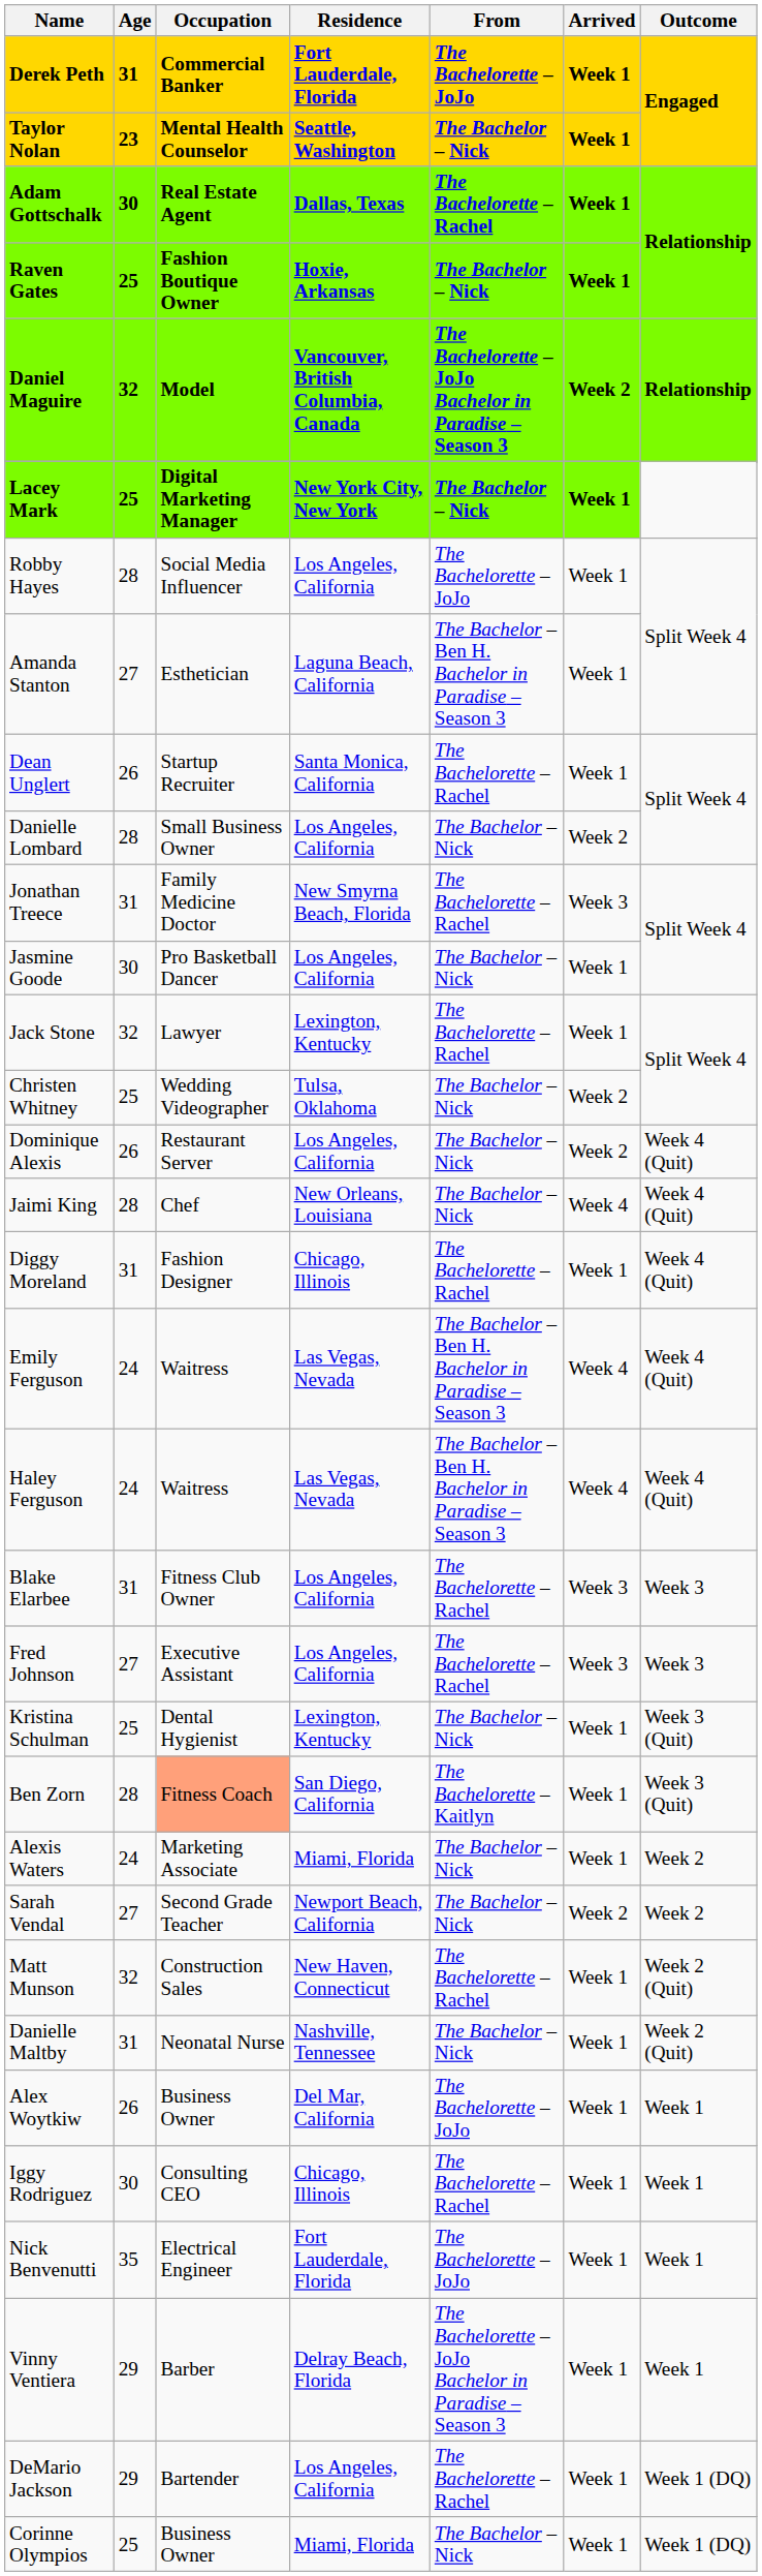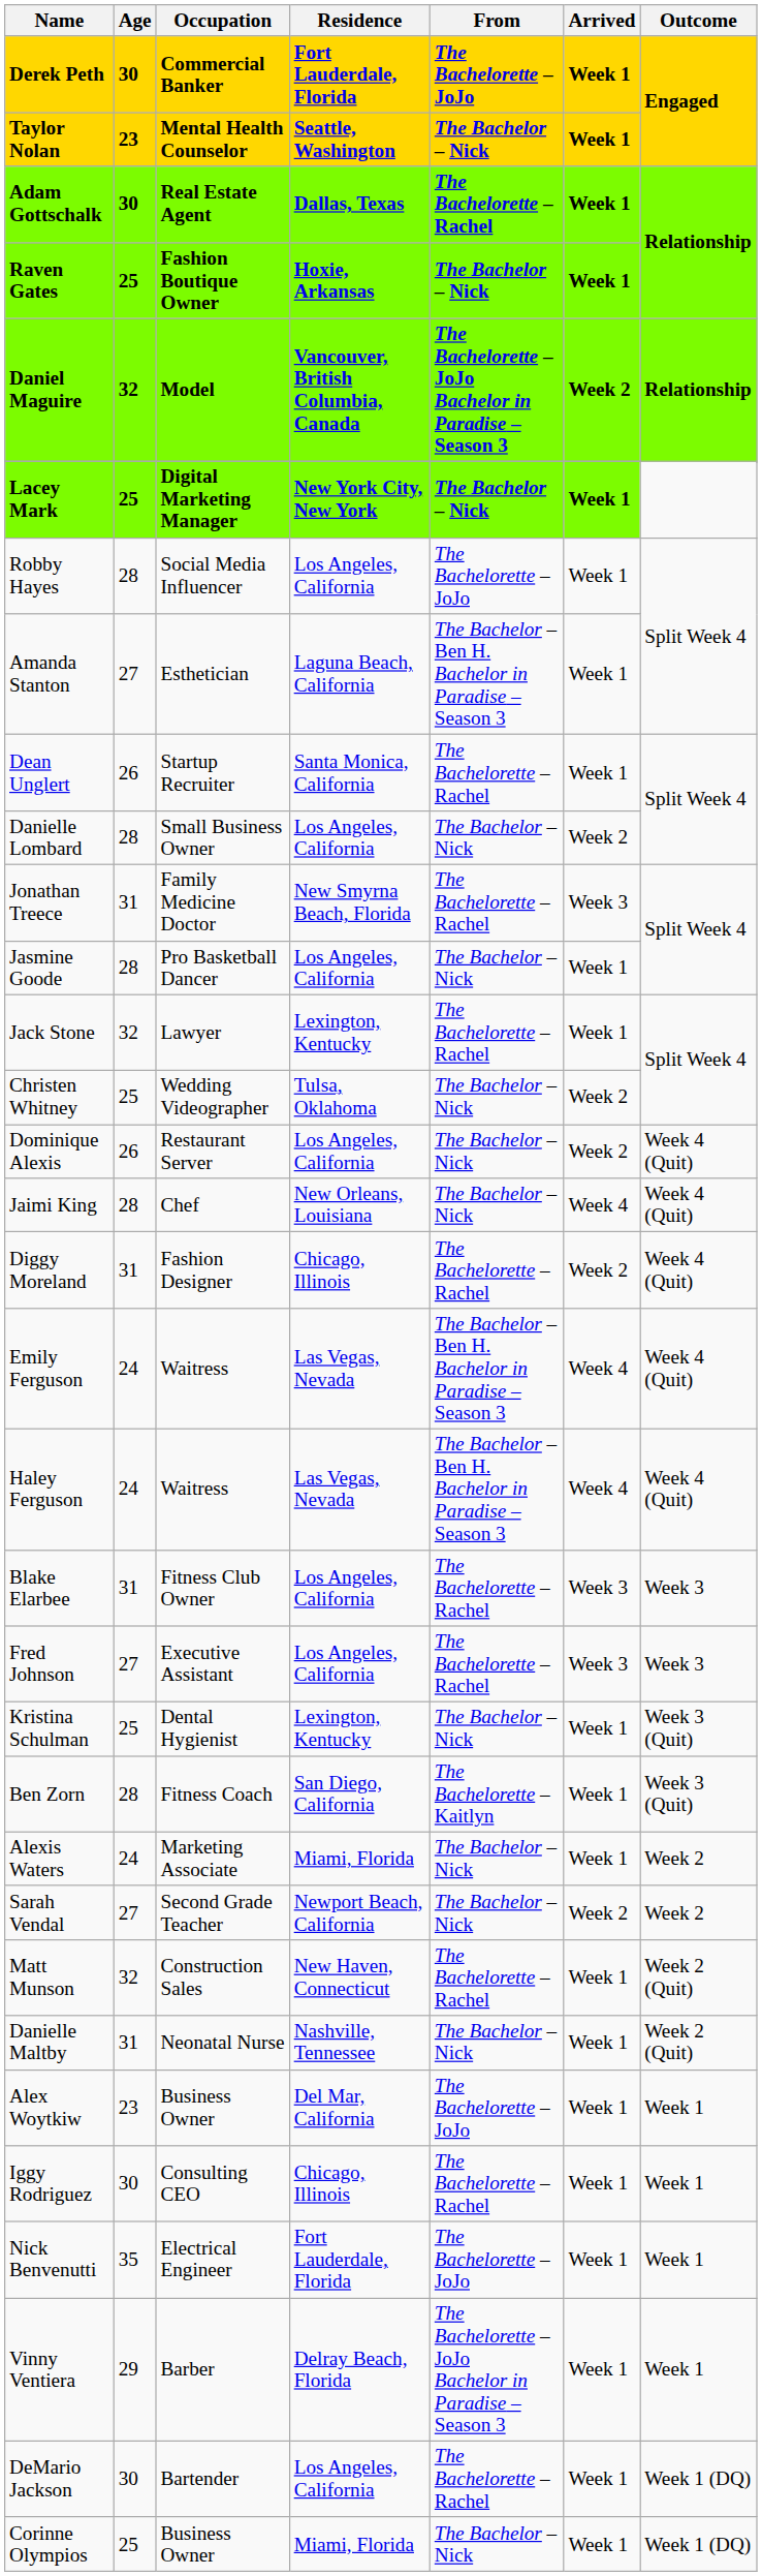 <table class="wikitable sortable" style="text-align:left;">
 <tr>
 <th>Name</th>
 <th>Age</th>
 <th>Occupation</th>
 <th>Residence</th>
 <th>From</th>
 <th>Arrived</th>
 <th>Outcome</th>
 </tr>
 <tr bgcolor ="gold">
 <td><strong>Derek Peth</strong></td>
-<td><strong>31</strong></td>
+<td><strong>30</strong></td>
 <td><strong>Commercial Banker</strong></td>
 <td><strong><a href='#'>Fort Lauderdale, Florida</a></strong></td>
 <td><strong><a href='#'><em>The Bachelorette</em></a> – <a href='#'>JoJo</a></strong></td>
 <td><strong>Week 1</strong></td>
 <td rowspan="2"><strong>Engaged</strong></td>
 </tr>
 <tr bgcolor ="gold">
 <td><strong>Taylor Nolan</strong></td>
 <td><strong>23</strong></td>
 <td><strong>Mental Health Counselor</strong></td>
 <td><strong><a href='#'>Seattle, Washington</a></strong></td>
 <td><strong><a href='#'><em>The Bachelor</em></a> – <a href='#'>Nick</a></strong></td>
 <td><strong>Week 1</strong></td>
 </tr>
 <tr bgcolor="#7CFC00">
 <td><strong>Adam Gottschalk</strong></td>
 <td><strong>30</strong></td>
 <td><strong>Real Estate Agent</strong></td>
 <td><strong><a href='#'>Dallas, Texas</a></strong></td>
 <td><strong><a href='#'><em>The Bachelorette</em></a> – <a href='#'>Rachel</a></strong></td>
 <td><strong>Week 1</strong></td>
 <td rowspan="2"><strong>Relationship</strong></td>
 </tr>
 <tr bgcolor="#7CFC00">
 <td><strong>Raven Gates</strong></td>
 <td><strong>25</strong></td>
 <td><strong>Fashion Boutique Owner</strong></td>
 <td><strong><a href='#'>Hoxie, Arkansas</a></strong></td>
 <td><strong><a href='#'><em>The Bachelor</em></a> – <a href='#'>Nick</a></strong></td>
 <td><strong>Week 1</strong></td>
 </tr>
 <tr bgcolor="#7CFC00">
 <td><strong>Daniel Maguire</strong></td>
 <td><strong>32</strong></td>
 <td><strong>Model </strong></td>
 <td><strong><a href='#'>Vancouver, British Columbia, Canada</a></strong></td>
 <td><strong><a href='#'><em>The Bachelorette</em></a> – <a href='#'>JoJo</a><br><a href='#'><em>Bachelor in Paradise</em> – Season 3</a></strong></td>
 <td><strong>Week 2</strong></td>
 <td rowspan="2"><strong>Relationship</strong></td>
 </tr>
 <tr>
 </tr>
 <tr bgcolor="#7CFC00">
 <td><strong>Lacey Mark</strong></td>
 <td><strong>25</strong></td>
 <td><strong>Digital Marketing Manager</strong></td>
 <td><strong><a href='#'>New York City, New York</a></strong></td>
 <td><strong><a href='#'><em>The Bachelor</em></a> – <a href='#'>Nick</a></strong></td>
 <td><strong>Week 1</strong></td>
 </tr>
 <tr>
 <td>Robby Hayes</td>
 <td>28</td>
 <td>Social Media Influencer</td>
 <td><a href='#'>Los Angeles, California</a></td>
 <td><a href='#'><em>The Bachelorette</em></a> – <a href='#'>JoJo</a></td>
 <td>Week 1</td>
 <td rowspan="2">Split Week 4</td>
 </tr>
 <tr>
 <td>Amanda Stanton</td>
 <td>27</td>
 <td>Esthetician</td>
 <td><a href='#'>Laguna Beach, California</a></td>
 <td><a href='#'><em>The Bachelor</em></a> – <a href='#'>Ben H.</a><br><a href='#'><em>Bachelor in Paradise</em> – Season 3</a></td>
 <td>Week 1</td>
 </tr>
 <tr>
 <td><a href='#'>Dean Unglert</a></td>
 <td>26</td>
 <td>Startup Recruiter</td>
 <td><a href='#'>Santa Monica, California</a></td>
 <td><a href='#'><em>The Bachelorette</em></a> – <a href='#'>Rachel</a></td>
 <td>Week 1</td>
 <td rowspan="2">Split Week 4</td>
 </tr>
 <tr>
 <td>Danielle Lombard</td>
 <td>28</td>
 <td>Small Business Owner</td>
 <td><a href='#'>Los Angeles, California</a></td>
 <td><a href='#'><em>The Bachelor</em></a> – <a href='#'>Nick</a></td>
 <td>Week 2</td>
 </tr>
 <tr>
 <td>Jonathan Treece</td>
 <td>31</td>
 <td>Family Medicine Doctor</td>
 <td><a href='#'>New Smyrna Beach, Florida</a></td>
 <td><a href='#'><em>The Bachelorette</em></a> – <a href='#'>Rachel</a></td>
 <td>Week 3</td>
 <td rowspan="2">Split Week 4</td>
 </tr>
 <tr>
 <td>Jasmine Goode</td>
-<td>30</td>
+<td>28</td>
 <td>Pro Basketball Dancer</td>
 <td><a href='#'>Los Angeles, California</a></td>
 <td><a href='#'><em>The Bachelor</em></a> – <a href='#'>Nick</a></td>
 <td>Week 1</td>
 </tr>
 <tr>
 <td>Jack Stone</td>
 <td>32</td>
 <td>Lawyer</td>
 <td><a href='#'>Lexington, Kentucky</a></td>
 <td><a href='#'><em>The Bachelorette</em></a> – <a href='#'>Rachel</a></td>
 <td>Week 1</td>
 <td rowspan="2">Split Week 4</td>
 </tr>
 <tr>
 <td>Christen Whitney</td>
 <td>25</td>
 <td>Wedding Videographer</td>
 <td><a href='#'>Tulsa, Oklahoma</a></td>
 <td><a href='#'><em>The Bachelor</em></a> – <a href='#'>Nick</a></td>
 <td>Week 2</td>
 </tr>
 <tr>
 <td>Dominique Alexis</td>
 <td>26</td>
 <td>Restaurant Server</td>
 <td><a href='#'>Los Angeles, California</a></td>
 <td><a href='#'><em>The Bachelor</em></a> – <a href='#'>Nick</a></td>
 <td>Week 2</td>
 <td>Week 4 (Quit)</td>
 </tr>
 <tr>
 <td>Jaimi King</td>
 <td>28</td>
 <td>Chef</td>
 <td><a href='#'>New Orleans, Louisiana</a></td>
 <td><a href='#'><em>The Bachelor</em></a> – <a href='#'>Nick</a></td>
 <td>Week 4</td>
 <td>Week 4 (Quit)</td>
 </tr>
 <tr>
 <td>Diggy Moreland</td>
 <td>31</td>
 <td>Fashion Designer</td>
 <td><a href='#'>Chicago, Illinois</a></td>
 <td><a href='#'><em>The Bachelorette</em></a> – <a href='#'>Rachel</a></td>
-<td>Week 1</td>
+<td>Week 2</td>
 <td>Week 4 (Quit)</td>
 </tr>
 <tr>
 <td>Emily Ferguson</td>
 <td>24</td>
 <td>Waitress</td>
 <td><a href='#'>Las Vegas, Nevada</a></td>
 <td><a href='#'><em>The Bachelor</em></a> – <a href='#'>Ben H.</a><br><a href='#'><em>Bachelor in Paradise</em> – Season 3</a></td>
 <td>Week 4</td>
 <td>Week 4 (Quit)</td>
 </tr>
 <tr>
 <td>Haley Ferguson</td>
 <td>24</td>
 <td>Waitress</td>
 <td><a href='#'>Las Vegas, Nevada</a></td>
 <td><a href='#'><em>The Bachelor</em></a> – <a href='#'>Ben H.</a><br><a href='#'><em>Bachelor in Paradise</em> – Season 3</a></td>
 <td>Week 4</td>
 <td>Week 4 (Quit)</td>
 </tr>
 <tr>
 <td>Blake Elarbee</td>
 <td>31</td>
 <td>Fitness Club Owner</td>
 <td><a href='#'>Los Angeles, California</a></td>
 <td><a href='#'><em>The Bachelorette</em></a> – <a href='#'>Rachel</a></td>
 <td>Week 3</td>
 <td>Week 3</td>
 </tr>
 <tr>
 <td>Fred Johnson</td>
 <td>27</td>
 <td>Executive Assistant</td>
 <td><a href='#'>Los Angeles, California</a></td>
 <td><a href='#'><em>The Bachelorette</em></a> – <a href='#'>Rachel</a></td>
 <td>Week 3</td>
 <td>Week 3</td>
 </tr>
 <tr>
 <td>Kristina Schulman</td>
 <td>25</td>
 <td>Dental Hygienist</td>
 <td><a href='#'>Lexington, Kentucky</a></td>
 <td><a href='#'><em>The Bachelor</em></a> – <a href='#'>Nick</a></td>
 <td>Week 1</td>
 <td>Week 3 (Quit)</td>
 </tr>
 <tr>
 <td>Ben Zorn</td>
 <td>28</td>
-<td style="background: lightsalmon;">Fitness Coach</td>
+<td>Fitness Coach</td>
 <td><a href='#'>San Diego, California</a></td>
 <td><a href='#'><em>The Bachelorette</em></a> – <a href='#'>Kaitlyn</a></td>
 <td>Week 1</td>
 <td>Week 3 (Quit)</td>
 </tr>
 <tr>
 <td>Alexis Waters</td>
 <td>24</td>
 <td>Marketing Associate</td>
 <td><a href='#'>Miami, Florida</a></td>
 <td><a href='#'><em>The Bachelor</em></a> – <a href='#'>Nick</a></td>
 <td>Week 1</td>
 <td>Week 2</td>
 </tr>
 <tr>
 <td>Sarah Vendal</td>
 <td>27</td>
 <td>Second Grade Teacher</td>
 <td><a href='#'>Newport Beach, California</a></td>
 <td><a href='#'><em>The Bachelor</em></a> – <a href='#'>Nick</a></td>
 <td>Week 2</td>
 <td>Week 2</td>
 </tr>
 <tr>
 <td>Matt Munson</td>
 <td>32</td>
 <td>Construction Sales</td>
 <td><a href='#'>New Haven, Connecticut</a></td>
 <td><a href='#'><em>The Bachelorette</em></a> – <a href='#'>Rachel</a></td>
 <td>Week 1</td>
 <td>Week 2 (Quit)</td>
 </tr>
 <tr>
 <td>Danielle Maltby</td>
 <td>31</td>
 <td>Neonatal Nurse</td>
 <td><a href='#'>Nashville, Tennessee</a></td>
 <td><a href='#'><em>The Bachelor</em></a> – <a href='#'>Nick</a></td>
 <td>Week 1</td>
 <td>Week 2 (Quit)</td>
 </tr>
 <tr>
 <td>Alex Woytkiw</td>
-<td>26</td>
+<td>23</td>
 <td>Business Owner</td>
 <td><a href='#'>Del Mar, California</a></td>
 <td><a href='#'><em>The Bachelorette</em></a> – <a href='#'>JoJo</a></td>
 <td>Week 1</td>
 <td>Week 1</td>
 </tr>
 <tr>
 <td>Iggy Rodriguez</td>
 <td>30</td>
 <td>Consulting CEO</td>
 <td><a href='#'>Chicago, Illinois</a></td>
 <td><a href='#'><em>The Bachelorette</em></a> – <a href='#'>Rachel</a></td>
 <td>Week 1</td>
 <td>Week 1</td>
 </tr>
 <tr>
 <td>Nick Benvenutti</td>
 <td>35</td>
 <td>Electrical Engineer</td>
 <td><a href='#'>Fort Lauderdale, Florida</a></td>
 <td><a href='#'><em>The Bachelorette</em></a> – <a href='#'>JoJo</a></td>
 <td>Week 1</td>
 <td>Week 1</td>
 </tr>
 <tr>
 <td>Vinny Ventiera</td>
 <td>29</td>
 <td>Barber</td>
 <td><a href='#'>Delray Beach, Florida</a></td>
 <td><a href='#'><em>The Bachelorette</em></a> – <a href='#'>JoJo</a><br><a href='#'><em>Bachelor in Paradise</em> – Season 3</a></td>
 <td>Week 1</td>
 <td>Week 1</td>
 </tr>
 <tr>
 <td>DeMario Jackson</td>
-<td>29</td>
+<td>30</td>
 <td>Bartender</td>
 <td><a href='#'>Los Angeles, California</a></td>
 <td><a href='#'><em>The Bachelorette</em></a> – <a href='#'>Rachel</a></td>
 <td>Week 1</td>
 <td>Week 1 (DQ)</td>
 </tr>
 <tr>
 <td>Corinne Olympios</td>
 <td>25</td>
 <td>Business Owner</td>
 <td><a href='#'>Miami, Florida</a></td>
 <td><a href='#'><em>The Bachelor</em></a> – <a href='#'>Nick</a></td>
 <td>Week 1</td>
 <td>Week 1 (DQ)</td>
 </tr>
 </table>
